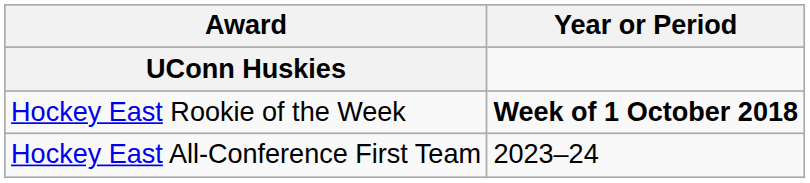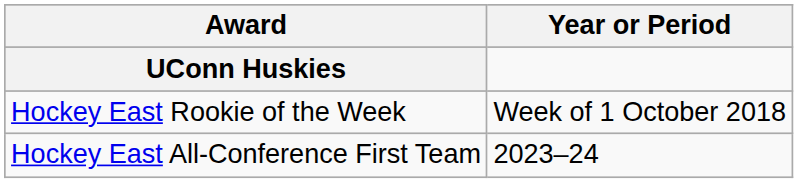 <table class="wikitable">
 <tr>
 <th scope="col">Award</th>
 <th scope="col">Year or Period</th>
 </tr>
 <tr>
 <th>UConn Huskies</th>
 </tr>
 <tr>
 <td><a href='#'>Hockey East</a> Rookie of the Week</td>
-<td><strong>Week of 1 October 2018</strong></td>
+<td>Week of 1 October 2018</td>
 </tr>
 <tr>
 <td><a href='#'>Hockey East</a> All-Conference First Team</td>
 <td>2023–24</td>
 </tr>
 </table>
